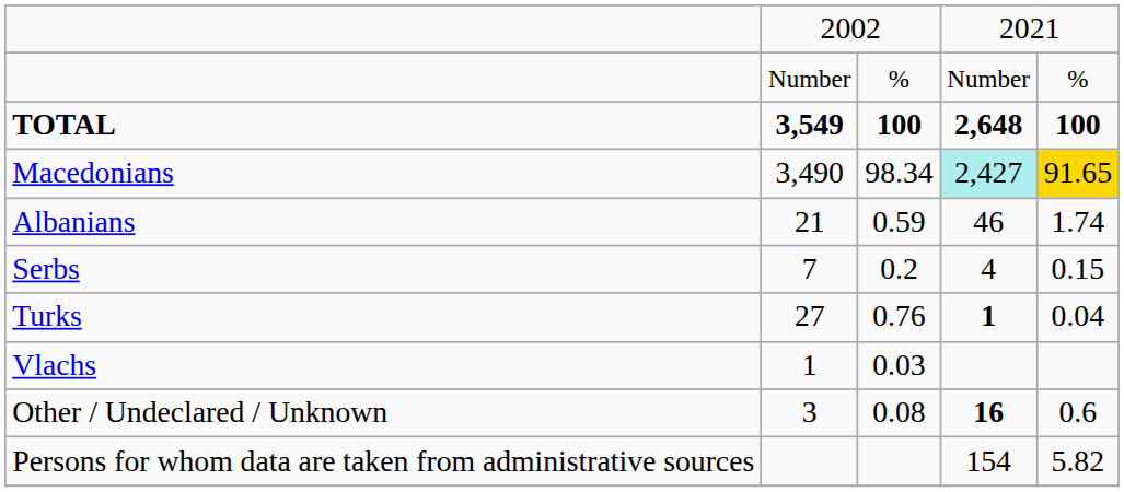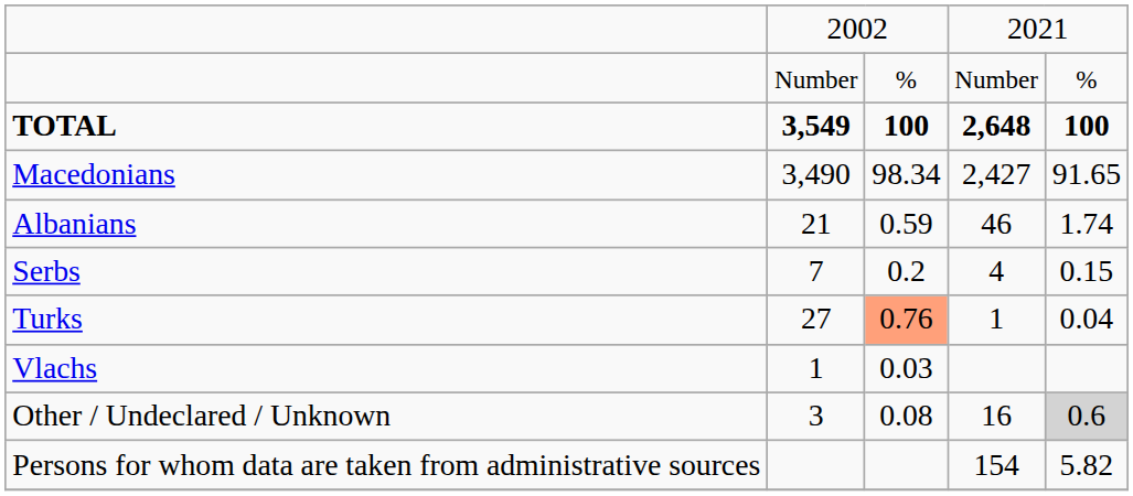 <table class="wikitable">
 <tr>
 <td></td>
 <td colspan="2" align="center">2002</td>
 <td colspan="2" align="center">2021</td>
 </tr>
 <tr>
 <td></td>
 <td align="center"><small>Number</small></td>
 <td align="center"><small>%</small></td>
 <td align="center"><small>Number</small></td>
 <td align="center"><small>%</small></td>
 </tr>
 <tr>
 <td><strong>TOTAL</strong></td>
 <td align="center"><strong>3,549</strong></td>
 <td align="center"><strong>100</strong></td>
 <td align="center"><strong>2,648</strong></td>
 <td align="center"><strong>100</strong></td>
 </tr>
 <tr>
 <td><a href='#'>Macedonians</a></td>
 <td align="center">3,490</td>
 <td align="center">98.34</td>
-<td align="center" style="background: paleturquoise;">2,427</td>
-<td align="center" style="background: gold;">91.65</td>
+<td align="center">2,427</td>
+<td align="center">91.65</td>
 </tr>
 <tr>
 <td><a href='#'>Albanians</a></td>
 <td align="center">21</td>
 <td align="center">0.59</td>
 <td align="center">46</td>
 <td align="center">1.74</td>
 </tr>
 <tr>
 <td><a href='#'>Serbs</a></td>
 <td align="center">7</td>
 <td align="center">0.2</td>
 <td align="center">4</td>
 <td align="center">0.15</td>
 </tr>
 <tr>
 <td><a href='#'>Turks</a></td>
 <td align="center">27</td>
-<td align="center">0.76</td>
-<td align="center"><strong>1</strong></td>
+<td align="center" style="background: lightsalmon;">0.76</td>
+<td align="center">1</td>
 <td align="center">0.04</td>
 </tr>
 <tr>
 <td><a href='#'>Vlachs</a></td>
 <td align="center">1</td>
 <td align="center">0.03</td>
 <td align="center"></td>
 <td align="center"></td>
 </tr>
 <tr>
 <td>Other / Undeclared / Unknown</td>
 <td align="center">3</td>
 <td align="center">0.08</td>
-<td align="center"><strong>16</strong></td>
-<td align="center">0.6</td>
+<td align="center">16</td>
+<td align="center" style="background: lightgrey;">0.6</td>
 </tr>
 <tr>
 <td>Persons for whom data are taken from administrative sources</td>
 <td align="center"></td>
 <td align="center"></td>
 <td align="center">154</td>
 <td align="center">5.82</td>
 </tr>
 <tr>
 </tr>
 </table>
